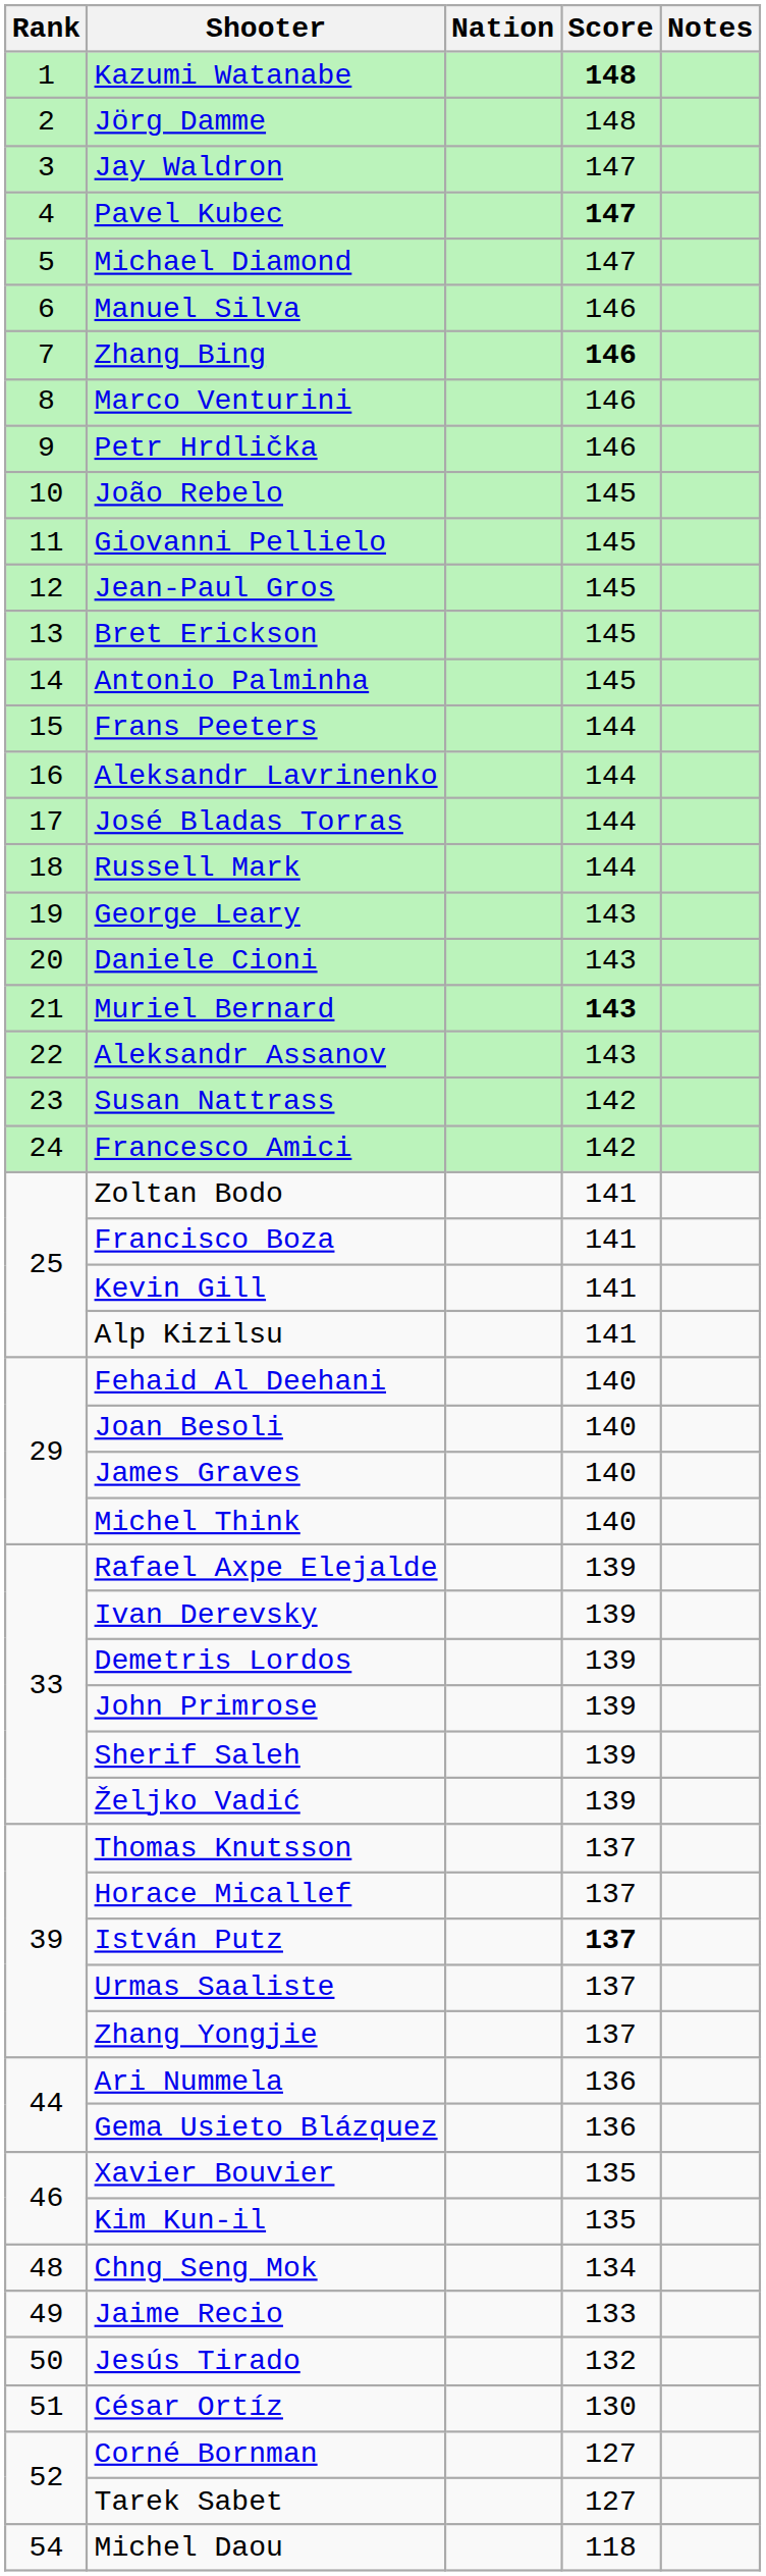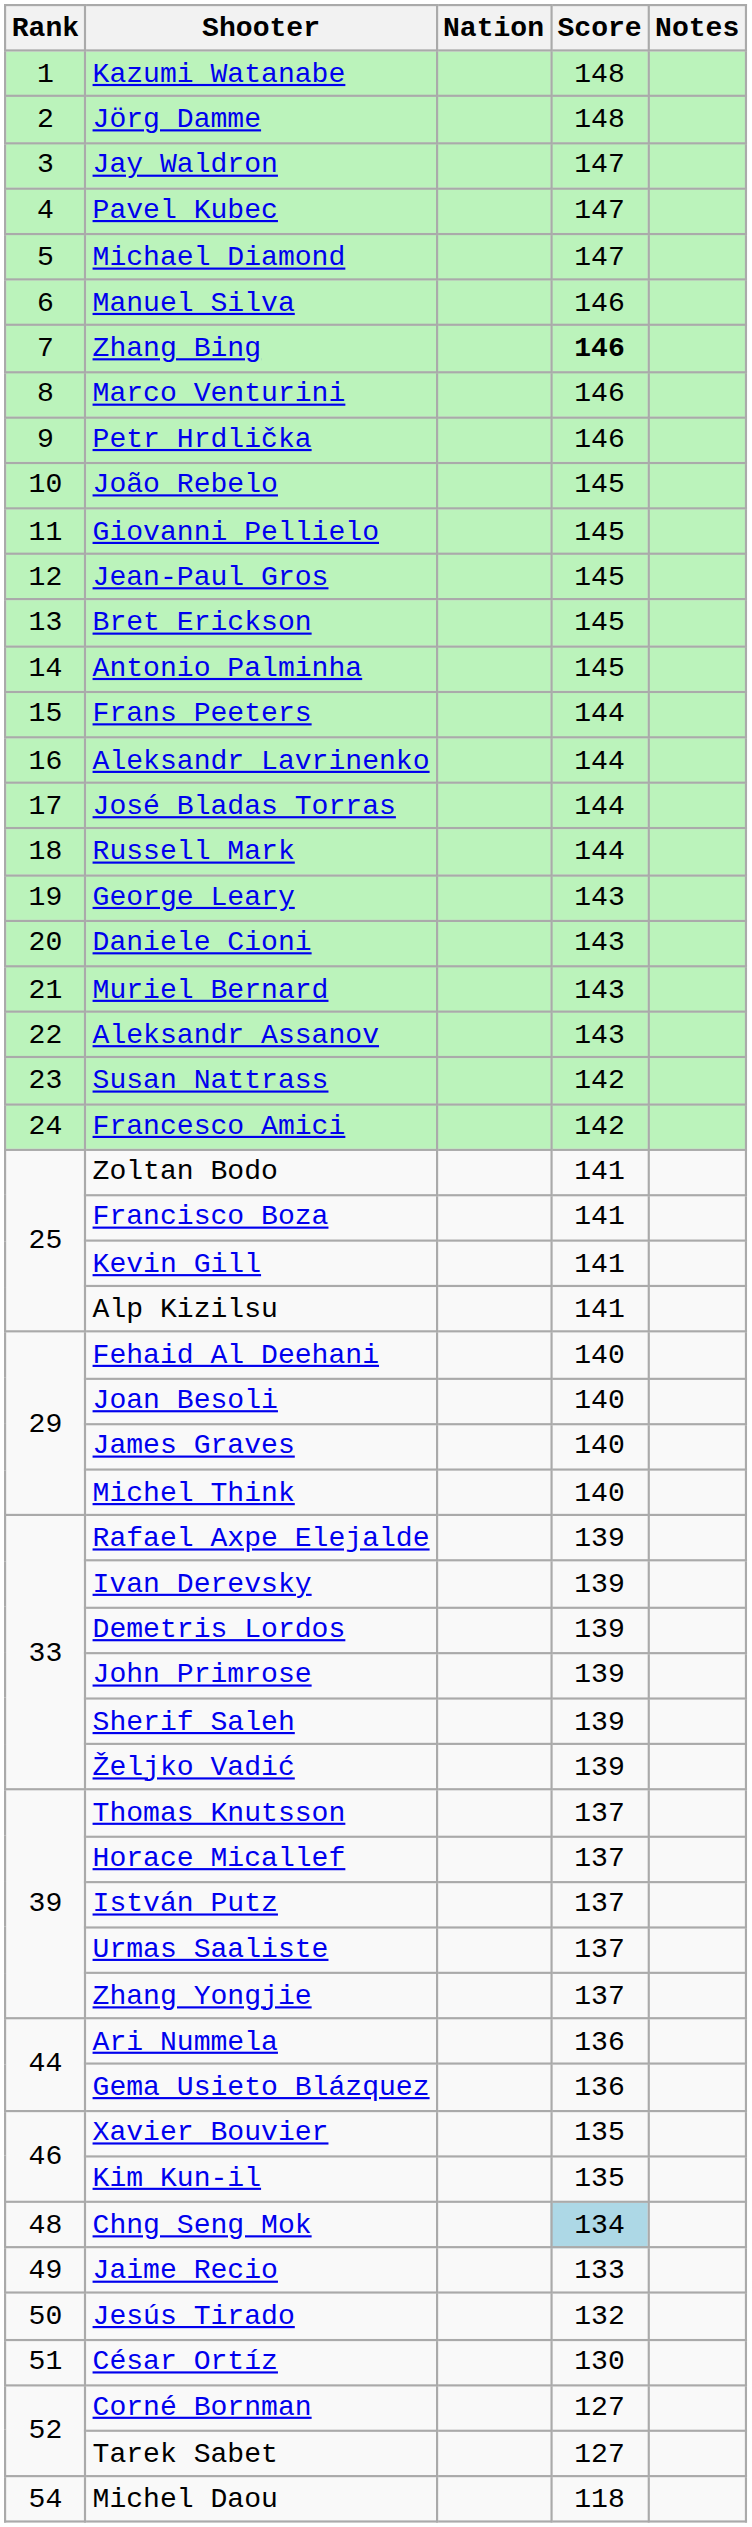 <table class="wikitable sortable" style="text-align: center">
 <tr>
 <th>Rank</th>
 <th>Shooter</th>
 <th>Nation</th>
 <th>Score</th>
 <th>Notes</th>
 </tr>
 <tr bgcolor=#bbf3bb>
 <td>1</td>
 <td align=left><a href='#'>Kazumi Watanabe</a></td>
 <td align=left></td>
-<td><strong>148</strong></td>
+<td>148</td>
 <td></td>
 </tr>
 <tr bgcolor=#bbf3bb>
 <td>2</td>
 <td align=left><a href='#'>Jörg Damme</a></td>
 <td align=left></td>
 <td>148</td>
 <td></td>
 </tr>
 <tr bgcolor=#bbf3bb>
 <td>3</td>
 <td align=left><a href='#'>Jay Waldron</a></td>
 <td align=left></td>
 <td>147</td>
 <td></td>
 </tr>
 <tr bgcolor=#bbf3bb>
 <td>4</td>
 <td align=left><a href='#'>Pavel Kubec</a></td>
 <td align=left></td>
-<td><strong>147</strong></td>
+<td>147</td>
 <td></td>
 </tr>
 <tr bgcolor=#bbf3bb>
 <td>5</td>
 <td align=left><a href='#'>Michael Diamond</a></td>
 <td align=left></td>
 <td>147</td>
 <td></td>
 </tr>
 <tr bgcolor=#bbf3bb>
 <td>6</td>
 <td align=left><a href='#'>Manuel Silva</a></td>
 <td align=left></td>
 <td>146</td>
 <td></td>
 </tr>
 <tr bgcolor=#bbf3bb>
 <td>7</td>
 <td align=left><a href='#'>Zhang Bing</a></td>
 <td align=left></td>
 <td><strong>146</strong></td>
 <td></td>
 </tr>
 <tr bgcolor=#bbf3bb>
 <td>8</td>
 <td align=left><a href='#'>Marco Venturini</a></td>
 <td align=left></td>
 <td>146</td>
 <td></td>
 </tr>
 <tr bgcolor=#bbf3bb>
 <td>9</td>
 <td align=left><a href='#'>Petr Hrdlička</a></td>
 <td align=left></td>
 <td>146</td>
 <td></td>
 </tr>
 <tr bgcolor=#bbf3bb>
 <td>10</td>
 <td align=left><a href='#'>João Rebelo</a></td>
 <td align=left></td>
 <td>145</td>
 <td></td>
 </tr>
 <tr bgcolor=#bbf3bb>
 <td>11</td>
 <td align=left><a href='#'>Giovanni Pellielo</a></td>
 <td align=left></td>
 <td>145</td>
 <td></td>
 </tr>
 <tr bgcolor=#bbf3bb>
 <td>12</td>
 <td align=left><a href='#'>Jean-Paul Gros</a></td>
 <td align=left></td>
 <td>145</td>
 <td></td>
 </tr>
 <tr bgcolor=#bbf3bb>
 <td>13</td>
 <td align=left><a href='#'>Bret Erickson</a></td>
 <td align=left></td>
 <td>145</td>
 <td></td>
 </tr>
 <tr bgcolor=#bbf3bb>
 <td>14</td>
 <td align=left><a href='#'>Antonio Palminha</a></td>
 <td align=left></td>
 <td>145</td>
 <td></td>
 </tr>
 <tr bgcolor=#bbf3bb>
 <td>15</td>
 <td align=left><a href='#'>Frans Peeters</a></td>
 <td align=left></td>
 <td>144</td>
 <td></td>
 </tr>
 <tr bgcolor=#bbf3bb>
 <td>16</td>
 <td align=left><a href='#'>Aleksandr Lavrinenko</a></td>
 <td align=left></td>
 <td>144</td>
 <td></td>
 </tr>
 <tr bgcolor=#bbf3bb>
 <td>17</td>
 <td align=left><a href='#'>José Bladas Torras</a></td>
 <td align=left></td>
 <td>144</td>
 <td></td>
 </tr>
 <tr bgcolor=#bbf3bb>
 <td>18</td>
 <td align=left><a href='#'>Russell Mark</a></td>
 <td align=left></td>
 <td>144</td>
 <td></td>
 </tr>
 <tr bgcolor=#bbf3bb>
 <td>19</td>
 <td align=left><a href='#'>George Leary</a></td>
 <td align=left></td>
 <td>143</td>
 <td></td>
 </tr>
 <tr bgcolor=#bbf3bb>
 <td>20</td>
 <td align=left><a href='#'>Daniele Cioni</a></td>
 <td align=left></td>
 <td>143</td>
 <td></td>
 </tr>
 <tr bgcolor=#bbf3bb>
 <td>21</td>
 <td align=left><a href='#'>Muriel Bernard</a></td>
 <td align=left></td>
-<td><strong>143</strong></td>
+<td>143</td>
 <td></td>
 </tr>
 <tr bgcolor=#bbf3bb>
 <td>22</td>
 <td align=left><a href='#'>Aleksandr Assanov</a></td>
 <td align=left></td>
 <td>143</td>
 <td></td>
 </tr>
 <tr bgcolor=#bbf3bb>
 <td>23</td>
 <td align=left><a href='#'>Susan Nattrass</a></td>
 <td align=left></td>
 <td>142</td>
 <td></td>
 </tr>
 <tr bgcolor=#bbf3bb>
 <td>24</td>
 <td align=left><a href='#'>Francesco Amici</a></td>
 <td align=left></td>
 <td>142</td>
 <td></td>
 </tr>
 <tr>
 <td rowspan=4>25</td>
 <td align=left>Zoltan Bodo</td>
 <td align=left></td>
 <td>141</td>
 <td></td>
 </tr>
 <tr>
 <td align=left><a href='#'>Francisco Boza</a></td>
 <td align=left></td>
 <td>141</td>
 <td></td>
 </tr>
 <tr>
 <td align=left><a href='#'>Kevin Gill</a></td>
 <td align=left></td>
 <td>141</td>
 <td></td>
 </tr>
 <tr>
 <td align=left>Alp Kizilsu</td>
 <td align=left></td>
 <td>141</td>
 <td></td>
 </tr>
 <tr>
 <td rowspan=4>29</td>
 <td align=left><a href='#'>Fehaid Al Deehani</a></td>
 <td align=left></td>
 <td>140</td>
 <td></td>
 </tr>
 <tr>
 <td align=left><a href='#'>Joan Besoli</a></td>
 <td align=left></td>
 <td>140</td>
 <td></td>
 </tr>
 <tr>
 <td align=left><a href='#'>James Graves</a></td>
 <td align=left></td>
 <td>140</td>
 <td></td>
 </tr>
 <tr>
 <td align=left><a href='#'>Michel Think</a></td>
 <td align=left></td>
 <td>140</td>
 <td></td>
 </tr>
 <tr>
 <td rowspan=6>33</td>
 <td align=left><a href='#'>Rafael Axpe Elejalde</a></td>
 <td align=left></td>
 <td>139</td>
 <td></td>
 </tr>
 <tr>
 <td align=left><a href='#'>Ivan Derevsky</a></td>
 <td align=left></td>
 <td>139</td>
 <td></td>
 </tr>
 <tr>
 <td align=left><a href='#'>Demetris Lordos</a></td>
 <td align=left></td>
 <td>139</td>
 <td></td>
 </tr>
 <tr>
 <td align=left><a href='#'>John Primrose</a></td>
 <td align=left></td>
 <td>139</td>
 <td></td>
 </tr>
 <tr>
 <td align=left><a href='#'>Sherif Saleh</a></td>
 <td align=left></td>
 <td>139</td>
 <td></td>
 </tr>
 <tr>
 <td align=left><a href='#'>Željko Vadić</a></td>
 <td align=left></td>
 <td>139</td>
 <td></td>
 </tr>
 <tr>
 <td rowspan=5>39</td>
 <td align=left><a href='#'>Thomas Knutsson</a></td>
 <td align=left></td>
 <td>137</td>
 <td></td>
 </tr>
 <tr>
 <td align=left><a href='#'>Horace Micallef</a></td>
 <td align=left></td>
 <td>137</td>
 <td></td>
 </tr>
 <tr>
 <td align=left><a href='#'>István Putz</a></td>
 <td align=left></td>
-<td><strong>137</strong></td>
+<td>137</td>
 <td></td>
 </tr>
 <tr>
 <td align=left><a href='#'>Urmas Saaliste</a></td>
 <td align=left></td>
 <td>137</td>
 <td></td>
 </tr>
 <tr>
 <td align=left><a href='#'>Zhang Yongjie</a></td>
 <td align=left></td>
 <td>137</td>
 <td></td>
 </tr>
 <tr>
 <td rowspan=2>44</td>
 <td align=left><a href='#'>Ari Nummela</a></td>
 <td align=left></td>
 <td>136</td>
 <td></td>
 </tr>
 <tr>
 <td align=left><a href='#'>Gema Usieto Blázquez</a></td>
 <td align=left></td>
 <td>136</td>
 <td></td>
 </tr>
 <tr>
 <td rowspan=2>46</td>
 <td align=left><a href='#'>Xavier Bouvier</a></td>
 <td align=left></td>
 <td>135</td>
 <td></td>
 </tr>
 <tr>
 <td align=left><a href='#'>Kim Kun-il</a></td>
 <td align=left></td>
 <td>135</td>
 <td></td>
 </tr>
 <tr>
 <td>48</td>
 <td align=left><a href='#'>Chng Seng Mok</a></td>
 <td align=left></td>
-<td>134</td>
+<td style="background: lightblue;">134</td>
 <td></td>
 </tr>
 <tr>
 <td>49</td>
 <td align=left><a href='#'>Jaime Recio</a></td>
 <td align=left></td>
 <td>133</td>
 <td></td>
 </tr>
 <tr>
 <td>50</td>
 <td align=left><a href='#'>Jesús Tirado</a></td>
 <td align=left></td>
 <td>132</td>
 <td></td>
 </tr>
 <tr>
 <td>51</td>
 <td align=left><a href='#'>César Ortíz</a></td>
 <td align=left></td>
 <td>130</td>
 <td></td>
 </tr>
 <tr>
 <td rowspan=2>52</td>
 <td align=left><a href='#'>Corné Bornman</a></td>
 <td align=left></td>
 <td>127</td>
 <td></td>
 </tr>
 <tr>
 <td align=left>Tarek Sabet</td>
 <td align=left></td>
 <td>127</td>
 <td></td>
 </tr>
 <tr>
 <td>54</td>
 <td align=left>Michel Daou</td>
 <td align=left></td>
 <td>118</td>
 <td></td>
 </tr>
 </table>
